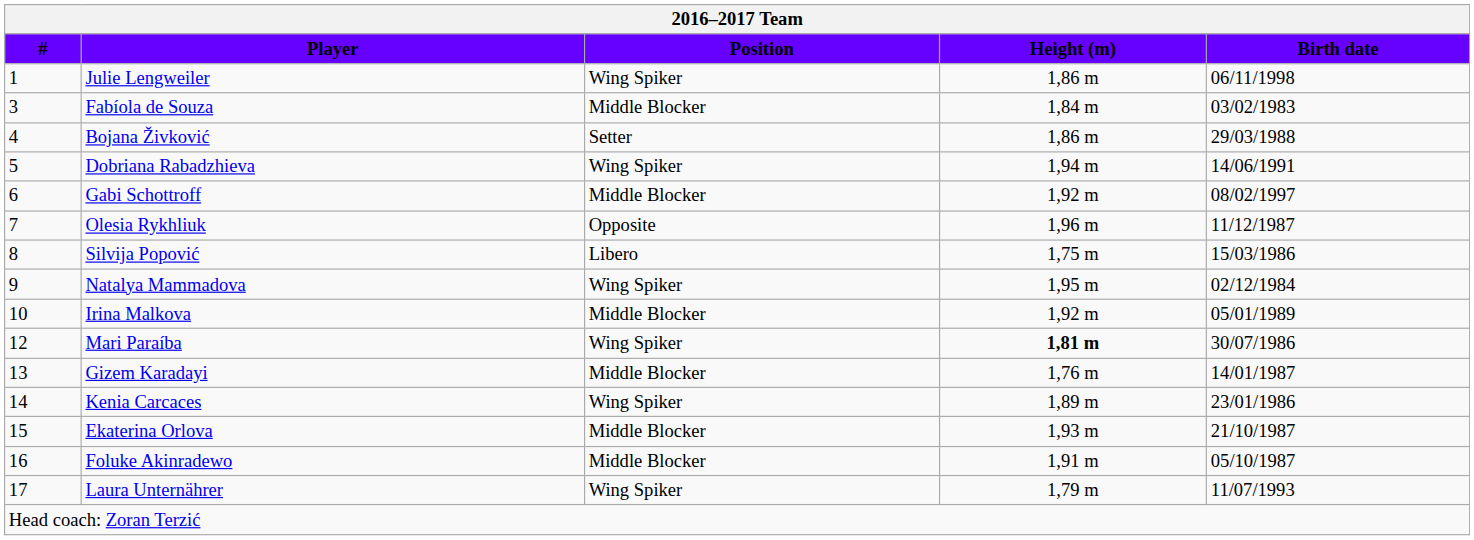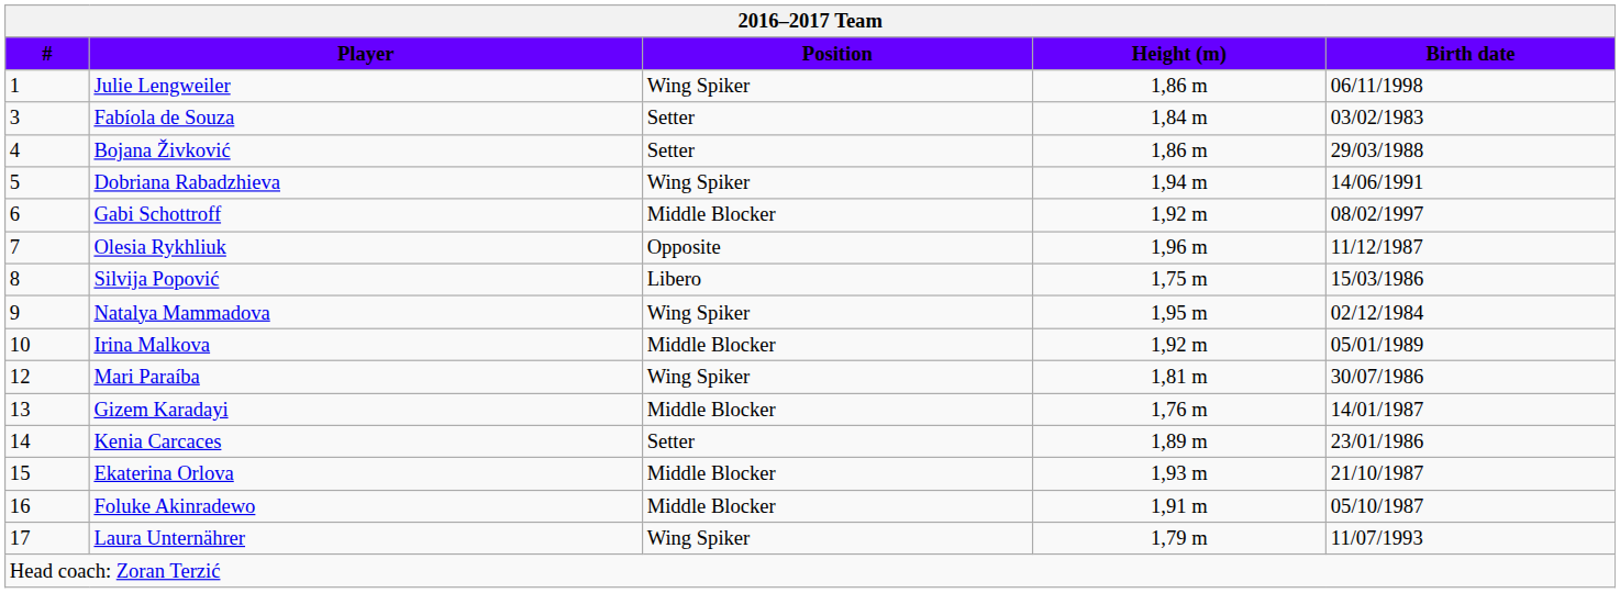 <table class="wikitable collapsible collapsed" style="width:100%;">
 <tr>
 <th colspan=6><strong>2016–2017 Team</strong></th>
 </tr>
 <tr>
 </tr>
 <tr style="background: #6600FF">
 <td align=center><strong><span>#</span></strong></td>
 <td align=center><strong><span>Player</span></strong></td>
 <td align=center><strong><span>Position</span></strong></td>
 <td align=center><strong><span>Height (m)</span></strong></td>
 <td align=center><strong><span>Birth date</span></strong></td>
 </tr>
 <tr align=left>
 <td>1</td>
 <td> <a href='#'>Julie Lengweiler</a></td>
 <td>Wing Spiker</td>
 <td align=center>1,86 m</td>
 <td>06/11/1998</td>
 </tr>
 <tr align="left">
 <td>3</td>
 <td> <a href='#'>Fabíola de Souza</a></td>
-<td>Middle Blocker</td>
+<td>Setter</td>
 <td align=center>1,84 m</td>
 <td>03/02/1983</td>
 </tr>
 <tr align=left>
 <td>4</td>
 <td> <a href='#'>Bojana Živković</a></td>
 <td>Setter</td>
 <td align=center>1,86 m</td>
 <td>29/03/1988</td>
 </tr>
 <tr align=left>
 <td>5</td>
 <td> <a href='#'>Dobriana Rabadzhieva</a></td>
 <td>Wing Spiker</td>
 <td align=center>1,94 m</td>
 <td>14/06/1991</td>
 </tr>
 <tr align="left">
 <td>6</td>
 <td> <a href='#'>Gabi Schottroff</a></td>
 <td>Middle Blocker</td>
 <td align=center>1,92 m</td>
 <td>08/02/1997</td>
 </tr>
 <tr align="left">
 <td>7</td>
 <td> <a href='#'>Olesia Rykhliuk</a></td>
 <td>Opposite</td>
 <td align=center>1,96 m</td>
 <td>11/12/1987</td>
 </tr>
 <tr align="left">
 <td>8</td>
 <td> <a href='#'>Silvija Popović</a></td>
 <td>Libero</td>
 <td align=center>1,75 m</td>
 <td>15/03/1986</td>
 </tr>
 <tr align=left>
 <td>9</td>
 <td> <a href='#'>Natalya Mammadova</a></td>
 <td>Wing Spiker</td>
 <td align=center>1,95 m</td>
 <td>02/12/1984</td>
 </tr>
 <tr align="left">
 <td>10</td>
 <td> <a href='#'>Irina Malkova</a></td>
 <td>Middle Blocker</td>
 <td align=center>1,92 m</td>
 <td>05/01/1989</td>
 </tr>
 <tr align="left">
 <td>12</td>
 <td> <a href='#'>Mari Paraíba</a></td>
 <td>Wing Spiker</td>
-<td align=center><strong>1,81 m</strong></td>
+<td align=center>1,81 m</td>
 <td>30/07/1986</td>
 </tr>
 <tr align=left>
 <td>13</td>
 <td> <a href='#'>Gizem Karadayi</a></td>
 <td>Middle Blocker</td>
 <td align=center>1,76 m</td>
 <td>14/01/1987</td>
 </tr>
 <tr align=left>
 <td>14</td>
 <td> <a href='#'>Kenia Carcaces</a></td>
-<td>Wing Spiker</td>
+<td>Setter</td>
 <td align=center>1,89 m</td>
 <td>23/01/1986</td>
 </tr>
 <tr align=left>
 <td>15</td>
 <td> <a href='#'>Ekaterina Orlova</a></td>
 <td>Middle Blocker</td>
 <td align=center>1,93 m</td>
 <td>21/10/1987</td>
 </tr>
 <tr align=left>
 <td>16</td>
 <td> <a href='#'>Foluke Akinradewo</a></td>
 <td>Middle Blocker</td>
 <td align=center>1,91 m</td>
 <td>05/10/1987</td>
 </tr>
 <tr align=left>
 <td>17</td>
 <td> <a href='#'>Laura Unternährer</a></td>
 <td>Wing Spiker</td>
 <td align=center>1,79 m</td>
 <td>11/07/1993</td>
 </tr>
 <tr>
 <td colspan=5 align=left>Head coach:  <a href='#'>Zoran Terzić</a></td>
 </tr>
 </table>
